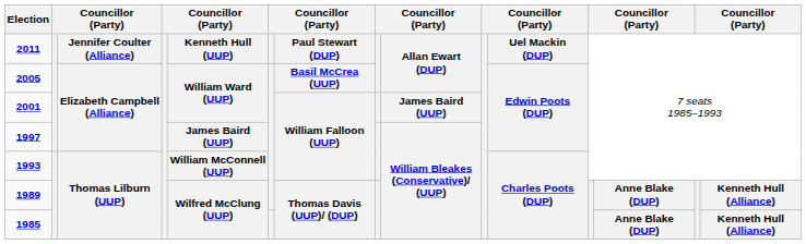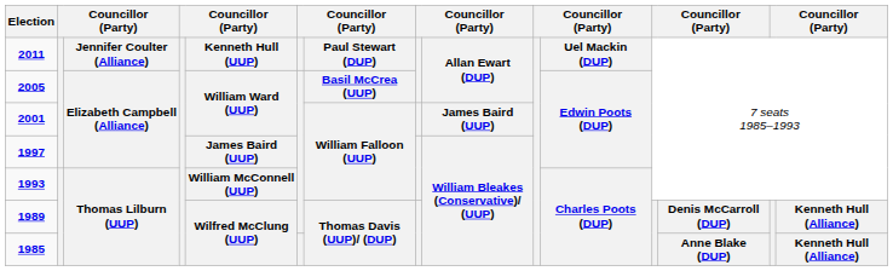 <table class="wikitable" style="text-align:center">
 <tr>
 <th scope="col" width="50">Election</th>
 <th scope="col" width="150" colspan = "2">Councillor<br> (Party)</th>
 <th scope="col" width="150" colspan = "2">Councillor<br> (Party)</th>
 <th scope="col" width="150" colspan = "2">Councillor<br> (Party)</th>
 <th scope="col" width="150" colspan = "2">Councillor<br> (Party)</th>
 <th scope="col" width="150" colspan = "2">Councillor<br> (Party)</th>
 <th scope="col" width="150" colspan = "2">Councillor<br> (Party)</th>
 <th scope="col" width="150" colspan = "2">Councillor<br> (Party)</th>
 </tr>
 <tr>
 <td><strong><a href='#'>2011</a></strong></td>
 <th rowspan="4" width="1" style="background-color: "></th>
 <th rowspan = "1">Jennifer Coulter <br> (<a href='#'>Alliance</a>)</th>
 <th rowspan="7" width="1" style="background-color: "></th>
 <th rowspan = "1">Kenneth Hull <br> (<a href='#'>UUP</a>)</th>
 <th rowspan="1" width="1" style="background-color: "></th>
 <th rowspan = "1">Paul Stewart <br> (<a href='#'>DUP</a>)</th>
 <th rowspan="2" width="1" style="background-color: "></th>
 <th rowspan = "2">Allan Ewart <br> (<a href='#'>DUP</a>)</th>
 <th rowspan="7" width="1" style="background-color: "></th>
 <th rowspan = "1">Uel Mackin <br> (<a href='#'>DUP</a>)</th>
 <td colspan="4" rowspan="5" style="background-color:#FFFFFF"><em>7 seats<br>1985–1993</em></td>
 </tr>
 <tr>
 <td><strong><a href='#'>2005</a></strong></td>
 <th rowspan = "3">Elizabeth Campbell <br> (<a href='#'>Alliance</a>)</th>
 <th rowspan = "2">William Ward <br> (<a href='#'>UUP</a>)</th>
 <th rowspan="5" width="1" style="background-color: "></th>
 <th rowspan = "1"><a href='#'>Basil McCrea</a> <br> (<a href='#'>UUP</a>)</th>
 <th rowspan = "3"><a href='#'>Edwin Poots</a> <br> (<a href='#'>DUP</a>)</th>
 </tr>
 <tr>
 <td><strong><a href='#'>2001</a></strong></td>
 <th rowspan = "3">William Falloon <br> (<a href='#'>UUP</a>)</th>
 <th rowspan="1" width="1" style="background-color: "></th>
 <th rowspan = "1">James Baird <br> (<a href='#'>UUP</a>)</th>
 </tr>
 <tr>
 <td><strong><a href='#'>1997</a></strong></td>
 <th rowspan = "1">James Baird <br> (<a href='#'>UUP</a>)</th>
 <th rowspan="2" width="1" style="background-color: "></th>
 <th rowspan = "4"><a href='#'>William Bleakes</a> <br> (<a href='#'>Conservative</a>)/ <br> (<a href='#'>UUP</a>)</th>
 </tr>
 <tr>
 <td><strong><a href='#'>1993</a></strong></td>
 <th rowspan="3" width="1" style="background-color: "></th>
 <th rowspan = "3">Thomas Lilburn <br> (<a href='#'>UUP</a>)</th>
 <th rowspan = "1">William McConnell <br> (<a href='#'>UUP</a>)</th>
 <th rowspan = "3"><a href='#'>Charles Poots</a> <br> (<a href='#'>DUP</a>)</th>
 </tr>
 <tr>
 <td><strong><a href='#'>1989</a></strong></td>
 <th rowspan = "2">Wilfred McClung <br> (<a href='#'>UUP</a>)</th>
 <th rowspan = "2">Thomas Davis <br> (<a href='#'>UUP</a>)/ (<a href='#'>DUP</a>)</th>
 <th rowspan="2" width="1" style="background-color: "></th>
 <th rowspan="2" width="1" style="background-color: "></th>
-<th rowspan = "1">Anne Blake <br> (<a href='#'>DUP</a>)</th>
+<th rowspan = "1">Denis McCarroll <br> (<a href='#'>DUP</a>)</th>
 <th rowspan="2" width="1" style="background-color: "></th>
 <th rowspan = "1">Kenneth Hull <br> (<a href='#'>Alliance</a>)</th>
 </tr>
 <tr>
 <td><strong><a href='#'>1985</a></strong></td>
 <th rowspan="1" width="1" style="background-color: "></th>
 <th rowspan = "1">Anne Blake <br> (<a href='#'>DUP</a>)</th>
 <th rowspan = "1">Kenneth Hull <br> (<a href='#'>Alliance</a>)</th>
 </tr>
 </table>
